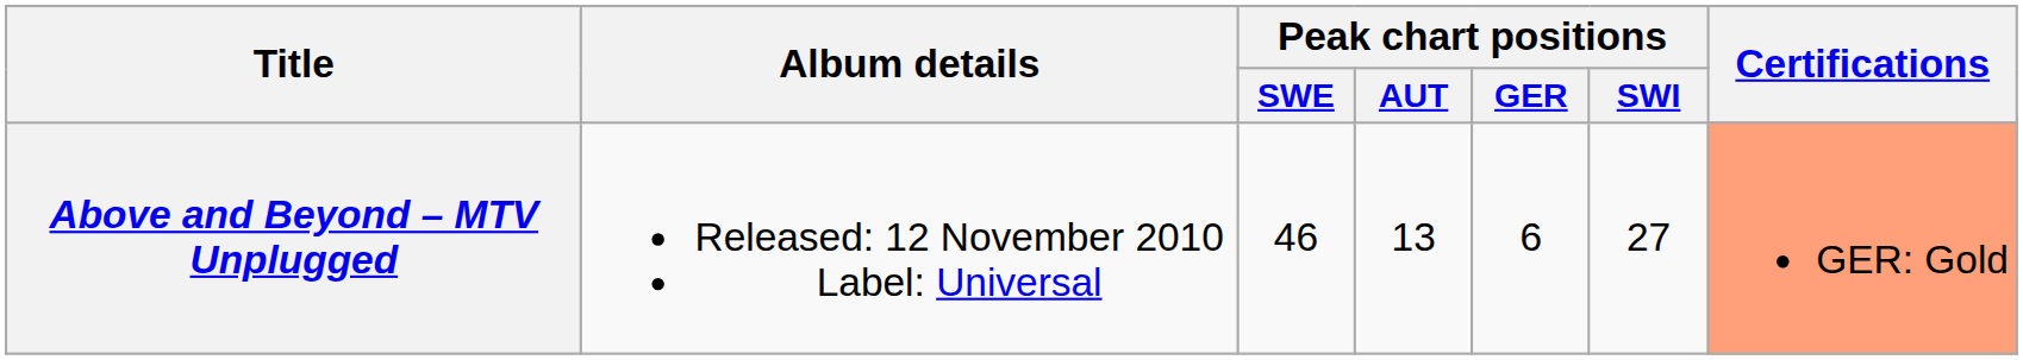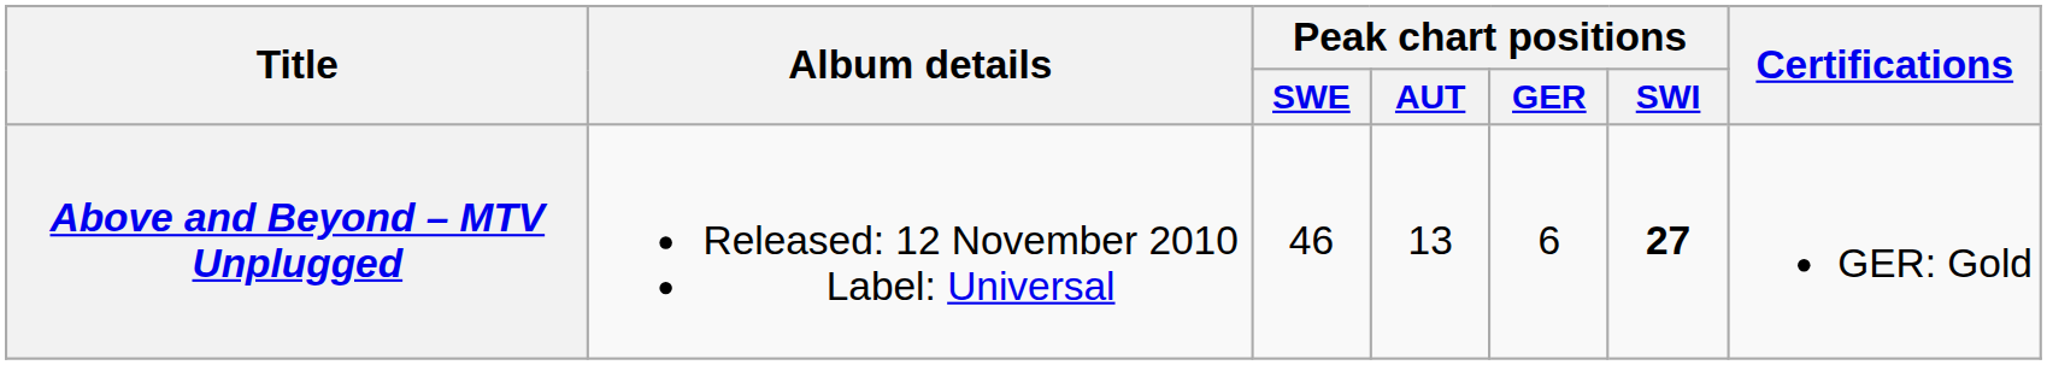 <table class="wikitable plainrowheaders" style="text-align:center;" border="1">
 <tr>
 <th scope="col" rowspan="2" style="width:14em;">Title</th>
 <th scope="col" rowspan="2" style="width:16em;">Album details</th>
 <th scope="col" colspan="4">Peak chart positions</th>
 <th scope="col" rowspan="2"><a href='#'>Certifications</a></th>
 </tr>
 <tr>
 <th scope="col" style="width:3em;font-size:85%;"><a href='#'>SWE</a><br></th>
 <th scope="col" style="width:3em;font-size:85%;"><a href='#'>AUT</a><br></th>
 <th scope="col" style="width:3em;font-size:85%;"><a href='#'>GER</a><br></th>
 <th scope="col" style="width:3em;font-size:85%;"><a href='#'>SWI</a><br></th>
 </tr>
 <tr>
 <th scope="row"><em><a href='#'>Above and Beyond – MTV Unplugged</a></em></th>
 <td><br><ul><li>Released: 12 November 2010</li><li>Label: <a href='#'>Universal</a></li></ul></td>
 <td>46</td>
 <td>13</td>
 <td>6</td>
-<td>27</td>
-<td style="background: lightsalmon;"><br><ul><li>GER: Gold </li></ul></td>
+<td><strong>27</strong></td>
+<td><br><ul><li>GER: Gold </li></ul></td>
 </tr>
 </table>
